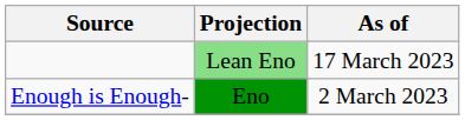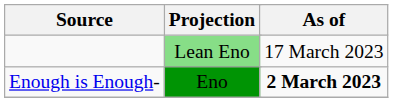 <table class="wikitable" style="text-align:center">
 <tr>
 <th>Source</th>
 <th colspan=2>Projection</th>
 <th>As of</th>
 </tr>
 <tr>
 <td align="left"></td>
 <td colspan=2 bgcolor=#87de87>Lean Eno</td>
 <td>17 March 2023</td>
 </tr>
 <tr>
 <td align="left"><a href='#'>Enough is Enough</a>-<br></td>
 <td colspan=2 bgcolor=#009404>Eno</td>
-<td>2 March 2023</td>
+<td><strong>2 March 2023</strong></td>
 </tr>
 <tr>
 </tr>
 </table>
